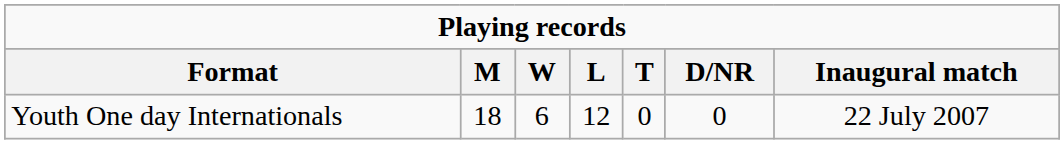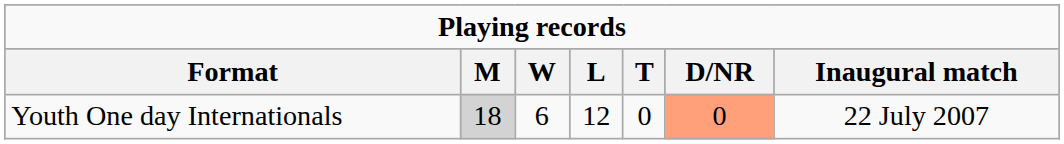 <table class="wikitable" style="text-align: center; width: 600px">
 <tr>
 <td colspan="8" align="center"><strong>Playing records</strong></td>
 </tr>
 <tr>
 <th>Format</th>
 <th>M</th>
 <th>W</th>
 <th>L</th>
 <th>T</th>
 <th>D/NR</th>
 <th>Inaugural match</th>
 </tr>
 <tr>
 <td align="left">Youth One day Internationals</td>
-<td>18</td>
+<td style="background: lightgrey;">18</td>
 <td>6</td>
 <td>12</td>
 <td>0</td>
-<td>0</td>
+<td style="background: lightsalmon;">0</td>
 <td>22 July 2007</td>
 </tr>
 </table>
